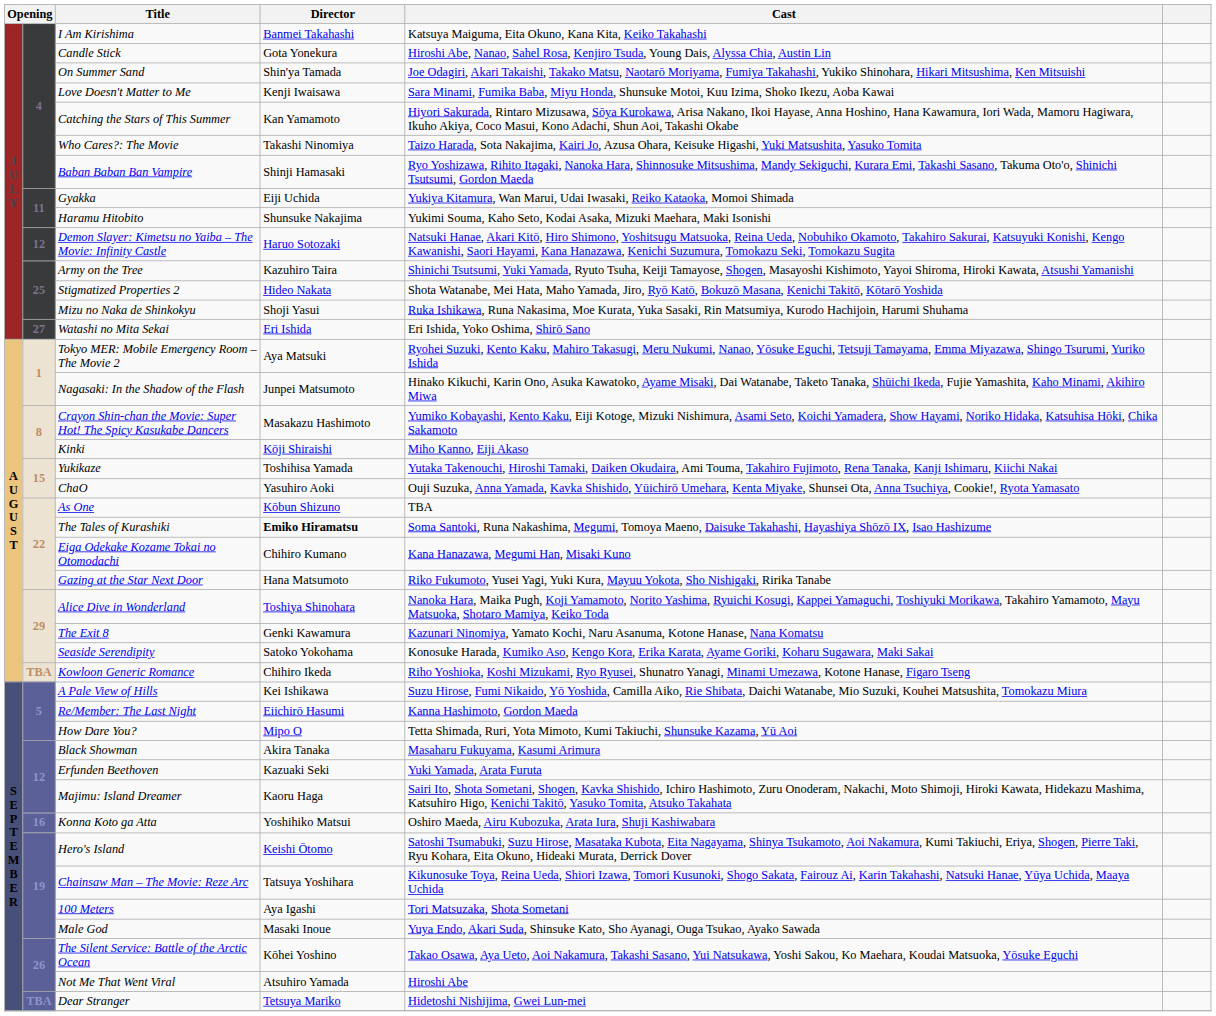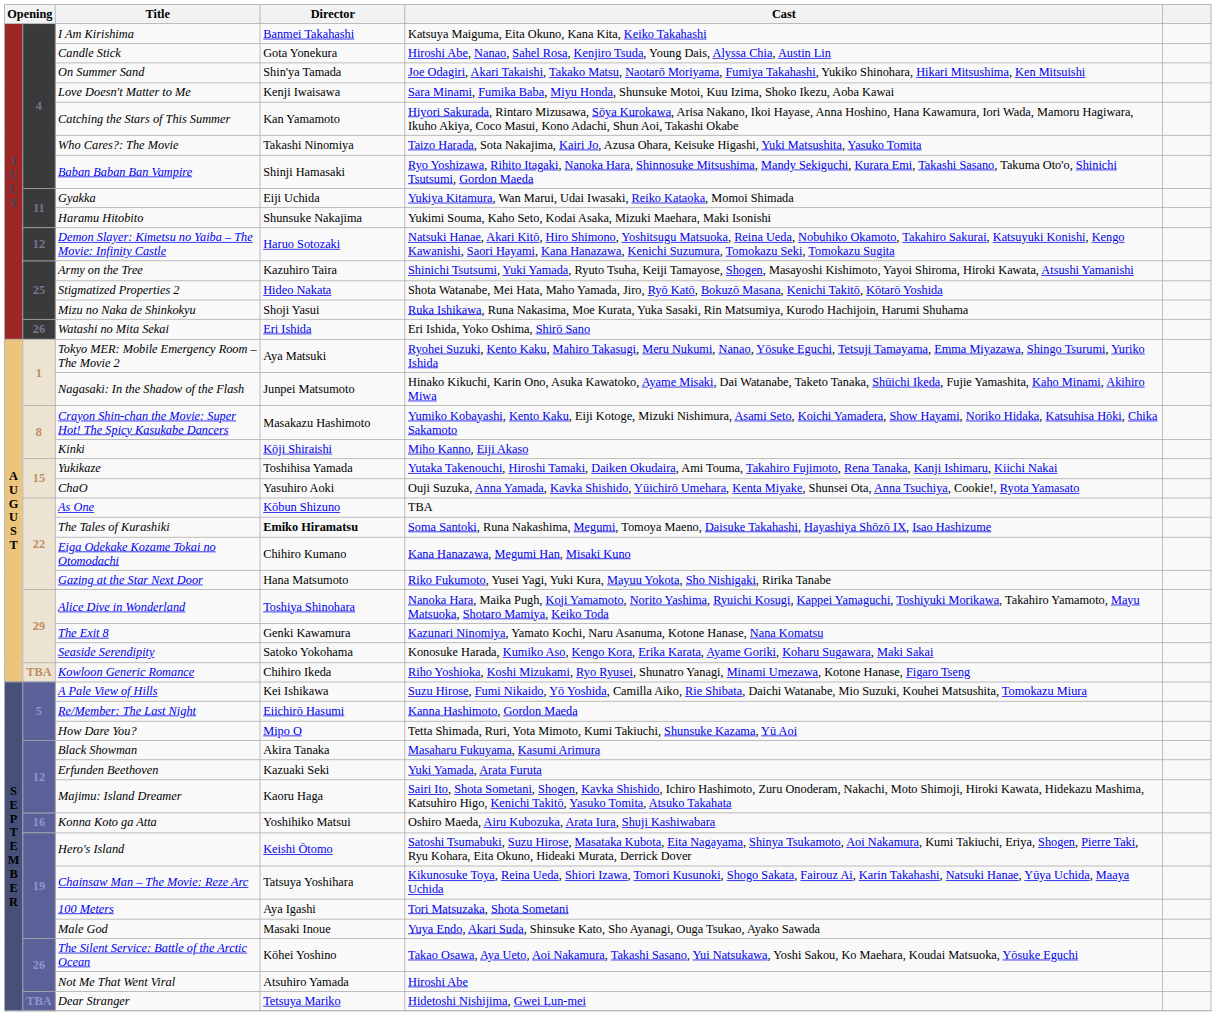 <table class="wikitable sortable">
 <tr style="background:#b0e0e6; text-align:center">
 <th colspan="2">Opening</th>
 <th style="width:17%">Title</th>
 <th style="width:12%">Director</th>
 <th>Cast</th>
 <th style="width:4%;" class="unsortable"></th>
 </tr>
 <tr>
 <th rowspan="14" style="text-align:center; background:#9C2525; color:#454555;">J<br>U<br>L<br>Y</th>
 <td rowspan="7" style="text-align:center; background:#393A3C; color:#7A748D;"><strong>4</strong></td>
 <td><em>I Am Kirishima</em></td>
 <td><a href='#'>Banmei Takahashi</a></td>
 <td>Katsuya Maiguma, Eita Okuno, Kana Kita, <a href='#'>Keiko Takahashi</a></td>
 <td></td>
 </tr>
 <tr>
 <td><em>Candle Stick</em></td>
 <td>Gota Yonekura</td>
 <td><a href='#'>Hiroshi Abe</a>, <a href='#'>Nanao</a>, <a href='#'>Sahel Rosa</a>, <a href='#'>Kenjiro Tsuda</a>, Young Dais, <a href='#'>Alyssa Chia</a>, <a href='#'>Austin Lin</a></td>
 <td></td>
 </tr>
 <tr>
 <td><em>On Summer Sand</em></td>
 <td>Shin'ya Tamada</td>
 <td><a href='#'>Joe Odagiri</a>, <a href='#'>Akari Takaishi</a>, <a href='#'>Takako Matsu</a>, <a href='#'>Naotarō Moriyama</a>, <a href='#'>Fumiya Takahashi</a>, Yukiko Shinohara, <a href='#'>Hikari Mitsushima</a>, <a href='#'>Ken Mitsuishi</a></td>
 <td></td>
 </tr>
 <tr>
 <td><em>Love Doesn't Matter to Me</em></td>
 <td>Kenji Iwaisawa</td>
 <td><a href='#'>Sara Minami</a>, <a href='#'>Fumika Baba</a>, <a href='#'>Miyu Honda</a>, Shunsuke Motoi, Kuu Izima, Shoko Ikezu, Aoba Kawai</td>
 <td></td>
 </tr>
 <tr>
 <td><em>Catching the Stars of This Summer</em></td>
 <td>Kan Yamamoto</td>
 <td><a href='#'>Hiyori Sakurada</a>, Rintaro Mizusawa, <a href='#'>Sōya Kurokawa</a>, Arisa Nakano, Ikoi Hayase, Anna Hoshino, Hana Kawamura, Iori Wada, Mamoru Hagiwara, Ikuho Akiya, Coco Masui, Kono Adachi, Shun Aoi, Takashi Okabe</td>
 <td></td>
 </tr>
 <tr>
 <td><em>Who Cares?: The Movie</em></td>
 <td>Takashi Ninomiya</td>
 <td><a href='#'>Taizo Harada</a>, Sota Nakajima, <a href='#'>Kairi Jo</a>, Azusa Ohara, Keisuke Higashi, <a href='#'>Yuki Matsushita</a>, <a href='#'>Yasuko Tomita</a></td>
 <td></td>
 </tr>
 <tr>
 <td><em><a href='#'>Baban Baban Ban Vampire</a></em></td>
 <td>Shinji Hamasaki</td>
 <td><a href='#'>Ryo Yoshizawa</a>, <a href='#'>Rihito Itagaki</a>, <a href='#'>Nanoka Hara</a>, <a href='#'>Shinnosuke Mitsushima</a>, <a href='#'>Mandy Sekiguchi</a>, <a href='#'>Kurara Emi</a>, <a href='#'>Takashi Sasano</a>, Takuma Oto'o, <a href='#'>Shinichi Tsutsumi</a>, <a href='#'>Gordon Maeda</a></td>
 <td></td>
 </tr>
 <tr>
 <td rowspan="2" style="text-align:center; background:#393A3C; color:#7A748D;"><strong>11</strong></td>
 <td><em>Gyakka</em></td>
 <td>Eiji Uchida</td>
 <td><a href='#'>Yukiya Kitamura</a>, Wan Marui, Udai Iwasaki, <a href='#'>Reiko Kataoka</a>, Momoi Shimada</td>
 <td></td>
 </tr>
 <tr>
 <td><em>Haramu Hitobito</em></td>
 <td>Shunsuke Nakajima</td>
 <td>Yukimi Souma, Kaho Seto, Kodai Asaka, Mizuki Maehara, Maki Isonishi</td>
 <td></td>
 </tr>
 <tr>
 <td rowspan="1" style="text-align:center; background:#393A3C; color:#7A748D;"><strong>12</strong></td>
 <td><em><a href='#'>Demon Slayer: Kimetsu no Yaiba – The Movie: Infinity Castle</a></em></td>
 <td><a href='#'>Haruo Sotozaki</a></td>
 <td><a href='#'>Natsuki Hanae</a>, <a href='#'>Akari Kitō</a>, <a href='#'>Hiro Shimono</a>, <a href='#'>Yoshitsugu Matsuoka</a>, <a href='#'>Reina Ueda</a>, <a href='#'>Nobuhiko Okamoto</a>, <a href='#'>Takahiro Sakurai</a>, <a href='#'>Katsuyuki Konishi</a>, <a href='#'>Kengo Kawanishi</a>, <a href='#'>Saori Hayami</a>, <a href='#'>Kana Hanazawa</a>, <a href='#'>Kenichi Suzumura</a>, <a href='#'>Tomokazu Seki</a>, <a href='#'>Tomokazu Sugita</a></td>
 <td></td>
 </tr>
 <tr>
 <td rowspan="3" style="text-align:center; background:#393A3C; color:#7A748D;"><strong>25</strong></td>
 <td><em>Army on the Tree</em></td>
 <td>Kazuhiro Taira</td>
 <td><a href='#'>Shinichi Tsutsumi</a>, <a href='#'>Yuki Yamada</a>, Ryuto Tsuha, Keiji Tamayose, <a href='#'>Shogen</a>, Masayoshi Kishimoto, Yayoi Shiroma, Hiroki Kawata, <a href='#'>Atsushi Yamanishi</a></td>
 <td></td>
 </tr>
 <tr>
 <td><em>Stigmatized Properties 2</em></td>
 <td><a href='#'>Hideo Nakata</a></td>
 <td>Shota Watanabe, Mei Hata, Maho Yamada, Jiro, <a href='#'>Ryō Katō</a>, <a href='#'>Bokuzō Masana</a>, <a href='#'>Kenichi Takitō</a>, <a href='#'>Kōtarō Yoshida</a></td>
 <td></td>
 </tr>
 <tr>
 <td><em>Mizu no Naka de Shinkokyu</em></td>
 <td>Shoji Yasui</td>
 <td><a href='#'>Ruka Ishikawa</a>, Runa Nakasima, Moe Kurata, Yuka Sasaki, Rin Matsumiya, Kurodo Hachijoin, Harumi Shuhama</td>
 <td></td>
 </tr>
 <tr>
-<td rowspan="1" style="text-align:center; background:#393A3C; color:#7A748D;"><strong>27</strong></td>
+<td rowspan="1" style="text-align:center; background:#393A3C; color:#7A748D;"><strong>26</strong></td>
 <td><em>Watashi no Mita Sekai</em></td>
 <td><a href='#'>Eri Ishida</a></td>
 <td>Eri Ishida, Yoko Oshima, <a href='#'>Shirō Sano</a></td>
 <td></td>
 </tr>
 <tr>
 <th rowspan="14" style="text-align:center; background:#EBC57D; textcolor:#584B5C;">A<br>U<br>G<br>U<br>S<br>T</th>
 <td rowspan="2" style="text-align:center; background:#EDE3D3; color:#C08D62;"><strong>1</strong></td>
 <td><em>Tokyo MER: Mobile Emergency Room – The Movie 2</em></td>
 <td>Aya Matsuki</td>
 <td><a href='#'>Ryohei Suzuki</a>, <a href='#'>Kento Kaku</a>, <a href='#'>Mahiro Takasugi</a>, <a href='#'>Meru Nukumi</a>, <a href='#'>Nanao</a>, <a href='#'>Yōsuke Eguchi</a>, <a href='#'>Tetsuji Tamayama</a>, <a href='#'>Emma Miyazawa</a>, <a href='#'>Shingo Tsurumi</a>, <a href='#'>Yuriko Ishida</a></td>
 <td></td>
 </tr>
 <tr>
 <td><em>Nagasaki: In the Shadow of the Flash</em></td>
 <td>Junpei Matsumoto</td>
 <td>Hinako Kikuchi, Karin Ono, Asuka Kawatoko, <a href='#'>Ayame Misaki</a>, Dai Watanabe, Taketo Tanaka, <a href='#'>Shūichi Ikeda</a>, Fujie Yamashita, <a href='#'>Kaho Minami</a>, <a href='#'>Akihiro Miwa</a></td>
 <td></td>
 </tr>
 <tr>
 <td rowspan="2" style="text-align:center; background:#EDE3D3; color:#C08D62;"><strong>8</strong></td>
 <td><em><a href='#'>Crayon Shin-chan the Movie: Super Hot! The Spicy Kasukabe Dancers</a></em></td>
 <td>Masakazu Hashimoto</td>
 <td><a href='#'>Yumiko Kobayashi</a>, <a href='#'>Kento Kaku</a>, Eiji Kotoge, Mizuki Nishimura, <a href='#'>Asami Seto</a>, <a href='#'>Koichi Yamadera</a>, <a href='#'>Show Hayami</a>, <a href='#'>Noriko Hidaka</a>, <a href='#'>Katsuhisa Hōki</a>, <a href='#'>Chika Sakamoto</a></td>
 <td></td>
 </tr>
 <tr>
 <td><em>Kinki</em></td>
 <td><a href='#'>Kōji Shiraishi</a></td>
 <td><a href='#'>Miho Kanno</a>, <a href='#'>Eiji Akaso</a></td>
 <td></td>
 </tr>
 <tr>
 <td rowspan="2" style="text-align:center; background:#EDE3D3; color:#C08D62;"><strong>15</strong></td>
 <td><em>Yukikaze</em></td>
 <td>Toshihisa Yamada</td>
 <td><a href='#'>Yutaka Takenouchi</a>, <a href='#'>Hiroshi Tamaki</a>, <a href='#'>Daiken Okudaira</a>, Ami Touma, <a href='#'>Takahiro Fujimoto</a>, <a href='#'>Rena Tanaka</a>, <a href='#'>Kanji Ishimaru</a>, <a href='#'>Kiichi Nakai</a></td>
 <td></td>
 </tr>
 <tr>
 <td><em>ChaO</em></td>
 <td>Yasuhiro Aoki</td>
 <td>Ouji Suzuka, <a href='#'>Anna Yamada</a>, <a href='#'>Kavka Shishido</a>, <a href='#'>Yūichirō Umehara</a>, <a href='#'>Kenta Miyake</a>, Shunsei Ota, <a href='#'>Anna Tsuchiya</a>, Cookie!, <a href='#'>Ryota Yamasato</a></td>
 <td></td>
 </tr>
 <tr>
 <td rowspan="4" style="text-align:center; background:#EDE3D3; color:#C08D62;"><strong>22</strong></td>
 <td><em><a href='#'>As One</a></em></td>
 <td><a href='#'>Kōbun Shizuno</a></td>
 <td>TBA</td>
 <td></td>
 </tr>
 <tr>
 <td><em>The Tales of Kurashiki</em></td>
 <td><strong>Emiko Hiramatsu</strong></td>
 <td><a href='#'>Soma Santoki</a>, Runa Nakashima, <a href='#'>Megumi</a>, Tomoya Maeno, <a href='#'>Daisuke Takahashi</a>, <a href='#'>Hayashiya Shōzō IX</a>, <a href='#'>Isao Hashizume</a></td>
 <td></td>
 </tr>
 <tr>
 <td><em><a href='#'>Eiga Odekake Kozame Tokai no Otomodachi</a></em></td>
 <td>Chihiro Kumano</td>
 <td><a href='#'>Kana Hanazawa</a>, <a href='#'>Megumi Han</a>, <a href='#'>Misaki Kuno</a></td>
 <td></td>
 </tr>
 <tr>
 <td><em><a href='#'>Gazing at the Star Next Door</a></em></td>
 <td>Hana Matsumoto</td>
 <td><a href='#'>Riko Fukumoto</a>, Yusei Yagi, Yuki Kura, <a href='#'>Mayuu Yokota</a>, <a href='#'>Sho Nishigaki</a>, Ririka Tanabe</td>
 <td></td>
 </tr>
 <tr>
 <td rowspan="3" style="text-align:center; background:#EDE3D3; color:#C08D62;"><strong>29</strong></td>
 <td><em><a href='#'>Alice Dive in Wonderland</a></em></td>
 <td><a href='#'>Toshiya Shinohara</a></td>
 <td><a href='#'>Nanoka Hara</a>, Maika Pugh, <a href='#'>Koji Yamamoto</a>, <a href='#'>Norito Yashima</a>, <a href='#'>Ryuichi Kosugi</a>, <a href='#'>Kappei Yamaguchi</a>, <a href='#'>Toshiyuki Morikawa</a>, Takahiro Yamamoto, <a href='#'>Mayu Matsuoka</a>, <a href='#'>Shotaro Mamiya</a>, <a href='#'>Keiko Toda</a></td>
 <td></td>
 </tr>
 <tr>
 <td><em><a href='#'>The Exit 8</a></em></td>
 <td>Genki Kawamura</td>
 <td><a href='#'>Kazunari Ninomiya</a>, Yamato Kochi, Naru Asanuma, Kotone Hanase, <a href='#'>Nana Komatsu</a></td>
 <td></td>
 </tr>
 <tr>
 <td><em><a href='#'>Seaside Serendipity</a></em></td>
 <td>Satoko Yokohama</td>
 <td>Konosuke Harada, <a href='#'>Kumiko Aso</a>, <a href='#'>Kengo Kora</a>, <a href='#'>Erika Karata</a>, <a href='#'>Ayame Goriki</a>, <a href='#'>Koharu Sugawara</a>, <a href='#'>Maki Sakai</a></td>
 <td></td>
 </tr>
 <tr>
 <td rowspan="1" style="text-align:center; background:#EDE3D3; color:#C08D62;"><strong>TBA</strong></td>
 <td><em><a href='#'>Kowloon Generic Romance</a></em></td>
 <td>Chihiro Ikeda</td>
 <td><a href='#'>Riho Yoshioka</a>, <a href='#'>Koshi Mizukami</a>, <a href='#'>Ryo Ryusei</a>, Shunatro Yanagi, <a href='#'>Minami Umezawa</a>, Kotone Hanase, <a href='#'>Figaro Tseng</a></td>
 <td></td>
 </tr>
 <tr>
 <th rowspan="14" style="text-align:center; background:#475079; textcolor:#79A0D5;">S<br>E<br>P<br>T<br>E<br>M<br>B<br>E<br>R</th>
 <td rowspan="3" style="text-align:center; background:#5B6098; color:#8D95CB;"><strong>5</strong></td>
 <td><em><a href='#'>A Pale View of Hills</a></em></td>
 <td>Kei Ishikawa</td>
 <td><a href='#'>Suzu Hirose</a>, <a href='#'>Fumi Nikaido</a>, <a href='#'>Yō Yoshida</a>, Camilla Aiko, <a href='#'>Rie Shibata</a>, Daichi Watanabe, Mio Suzuki, Kouhei Matsushita, <a href='#'>Tomokazu Miura</a></td>
 <td></td>
 </tr>
 <tr>
 <td><em><a href='#'>Re/Member: The Last Night</a></em></td>
 <td><a href='#'>Eiichirō Hasumi</a></td>
 <td><a href='#'>Kanna Hashimoto</a>, <a href='#'>Gordon Maeda</a></td>
 <td></td>
 </tr>
 <tr>
 <td><em>How Dare You?</em></td>
 <td><a href='#'>Mipo O</a></td>
 <td>Tetta Shimada, Ruri, Yota Mimoto, Kumi Takiuchi, <a href='#'>Shunsuke Kazama</a>, <a href='#'>Yū Aoi</a></td>
 <td></td>
 </tr>
 <tr>
 <td rowspan="3" style="text-align:center; background:#5B6098; color:#8D95CB;"><strong>12</strong></td>
 <td><em>Black Showman</em></td>
 <td>Akira Tanaka</td>
 <td><a href='#'>Masaharu Fukuyama</a>, <a href='#'>Kasumi Arimura</a></td>
 <td></td>
 </tr>
 <tr>
 <td><em>Erfunden Beethoven</em></td>
 <td>Kazuaki Seki</td>
 <td><a href='#'>Yuki Yamada</a>, <a href='#'>Arata Furuta</a></td>
 <td></td>
 </tr>
 <tr>
 <td><em>Majimu: Island Dreamer</em></td>
 <td>Kaoru Haga</td>
 <td><a href='#'>Sairi Ito</a>, <a href='#'>Shota Sometani</a>, <a href='#'>Shogen</a>, <a href='#'>Kavka Shishido</a>, Ichiro Hashimoto, Zuru Onoderam, Nakachi, Moto Shimoji, Hiroki Kawata, Hidekazu Mashima, Katsuhiro Higo, <a href='#'>Kenichi Takitō</a>, <a href='#'>Yasuko Tomita</a>, <a href='#'>Atsuko Takahata</a></td>
 <td></td>
 </tr>
 <tr>
 <td rowspan="1" style="text-align:center; background:#5B6098; color:#8D95CB;"><strong>16</strong></td>
 <td><em>Konna Koto ga Atta</em></td>
 <td>Yoshihiko Matsui</td>
 <td>Oshiro Maeda, <a href='#'>Airu Kubozuka</a>, <a href='#'>Arata Iura</a>, <a href='#'>Shuji Kashiwabara</a></td>
 <td></td>
 </tr>
 <tr>
 <td rowspan="4" style="text-align:center; background:#5B6098; color:#8D95CB;"><strong>19</strong></td>
 <td><em>Hero's Island</em></td>
 <td><a href='#'>Keishi Ōtomo</a></td>
 <td><a href='#'>Satoshi Tsumabuki</a>, <a href='#'>Suzu Hirose</a>, <a href='#'>Masataka Kubota</a>, <a href='#'>Eita Nagayama</a>, <a href='#'>Shinya Tsukamoto</a>, <a href='#'>Aoi Nakamura</a>, Kumi Takiuchi, Eriya, <a href='#'>Shogen</a>, <a href='#'>Pierre Taki</a>, Ryu Kohara, Eita Okuno, Hideaki Murata, Derrick Dover</td>
 <td></td>
 </tr>
 <tr>
 <td><em><a href='#'>Chainsaw Man – The Movie: Reze Arc</a></em></td>
 <td>Tatsuya Yoshihara</td>
 <td><a href='#'>Kikunosuke Toya</a>, <a href='#'>Reina Ueda</a>, <a href='#'>Shiori Izawa</a>, <a href='#'>Tomori Kusunoki</a>, <a href='#'>Shogo Sakata</a>, <a href='#'>Fairouz Ai</a>, <a href='#'>Karin Takahashi</a>, <a href='#'>Natsuki Hanae</a>, <a href='#'>Yūya Uchida</a>, <a href='#'>Maaya Uchida</a></td>
 <td></td>
 </tr>
 <tr>
 <td><em><a href='#'>100 Meters</a></em></td>
 <td>Aya Igashi</td>
 <td><a href='#'>Tori Matsuzaka</a>, <a href='#'>Shota Sometani</a></td>
 <td></td>
 </tr>
 <tr>
 <td><em>Male God</em></td>
 <td>Masaki Inoue</td>
 <td><a href='#'>Yuya Endo</a>, <a href='#'>Akari Suda</a>, Shinsuke Kato, Sho Ayanagi, Ouga Tsukao, Ayako Sawada</td>
 <td></td>
 </tr>
 <tr>
 <td rowspan="2" style="text-align:center; background:#5B6098; color:#8D95CB;"><strong>26</strong></td>
 <td><em><a href='#'>The Silent Service: Battle of the Arctic Ocean</a></em></td>
 <td>Kōhei Yoshino</td>
 <td><a href='#'>Takao Osawa</a>, <a href='#'>Aya Ueto</a>, <a href='#'>Aoi Nakamura</a>, <a href='#'>Takashi Sasano</a>, <a href='#'>Yui Natsukawa</a>, Yoshi Sakou, Ko Maehara, Koudai Matsuoka, <a href='#'>Yōsuke Eguchi</a></td>
 <td></td>
 </tr>
 <tr>
 <td><em>Not Me That Went Viral</em></td>
 <td>Atsuhiro Yamada</td>
 <td><a href='#'>Hiroshi Abe</a></td>
 <td></td>
 </tr>
 <tr>
 <td rowspan="1" style="text-align:center; background:#5B6098; color:#8D95CB;"><strong>TBA</strong></td>
 <td><em>Dear Stranger</em></td>
 <td><a href='#'>Tetsuya Mariko</a></td>
 <td><a href='#'>Hidetoshi Nishijima</a>, <a href='#'>Gwei Lun-mei</a></td>
 <td></td>
 </tr>
 <tr>
 </tr>
 </table>
